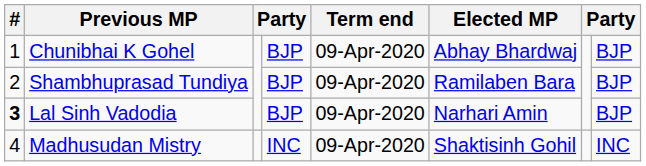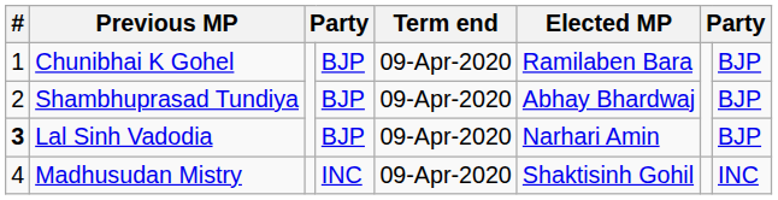 <table class="wikitable sortable">
 <tr>
 <th>#</th>
 <th>Previous MP</th>
 <th colspan="2">Party</th>
 <th>Term end</th>
 <th>Elected MP</th>
 <th colspan="2">Party</th>
 </tr>
 <tr>
 <td>1</td>
 <td><a href='#'>Chunibhai K Gohel</a></td>
 <td rowspan=3></td>
 <td><a href='#'>BJP</a></td>
 <td>09-Apr-2020</td>
-<td><a href='#'>Abhay Bhardwaj</a></td>
+<td><a href='#'>Ramilaben Bara</a></td>
 <td rowspan=3></td>
 <td><a href='#'>BJP</a></td>
 </tr>
 <tr>
 <td>2</td>
 <td><a href='#'>Shambhuprasad Tundiya</a></td>
 <td><a href='#'>BJP</a></td>
 <td>09-Apr-2020</td>
-<td><a href='#'>Ramilaben Bara</a></td>
+<td><a href='#'>Abhay Bhardwaj</a></td>
 <td><a href='#'>BJP</a></td>
 </tr>
 <tr>
 <td><strong>3</strong></td>
 <td><a href='#'>Lal Sinh Vadodia</a></td>
 <td><a href='#'>BJP</a></td>
 <td>09-Apr-2020</td>
 <td><a href='#'>Narhari Amin</a></td>
 <td><a href='#'>BJP</a></td>
 </tr>
 <tr>
 <td>4</td>
 <td><a href='#'>Madhusudan Mistry</a></td>
 <td></td>
 <td><a href='#'>INC</a></td>
 <td>09-Apr-2020</td>
 <td><a href='#'>Shaktisinh Gohil</a></td>
 <td></td>
 <td><a href='#'>INC</a></td>
 </tr>
 </table>
